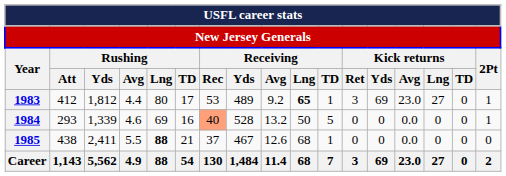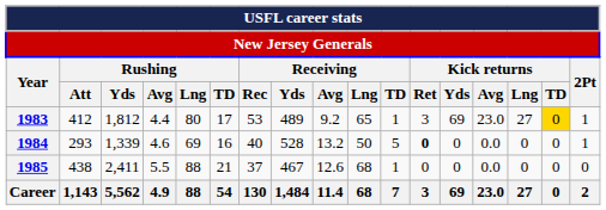 <table class=wikitable style="text-align:center">
 <tr>
 <th colspan="17" style="background: #182550; border: 2px solid silver; color:white;">USFL career stats</th>
 </tr>
 <tr>
 <th colspan="17" style="background:#c00; border:2px solid blue; color:white;">New Jersey Generals</th>
 </tr>
 <tr>
 <th rowspan="2">Year</th>
 <th colspan="5">Rushing</th>
 <th colspan="5">Receiving</th>
 <th colspan="5">Kick returns</th>
 <th rowspan="2">2Pt</th>
 </tr>
 <tr>
 <th>Att</th>
 <th>Yds</th>
 <th>Avg</th>
 <th>Lng</th>
 <th>TD</th>
 <th>Rec</th>
 <th>Yds</th>
 <th>Avg</th>
 <th>Lng</th>
 <th>TD</th>
 <th>Ret</th>
 <th>Yds</th>
 <th>Avg</th>
 <th>Lng</th>
 <th>TD</th>
 </tr>
 <tr>
 <th><a href='#'>1983</a></th>
 <td>412</td>
 <td>1,812</td>
 <td>4.4</td>
 <td>80</td>
 <td>17</td>
 <td>53</td>
 <td>489</td>
 <td>9.2</td>
-<td><strong>65</strong></td>
+<td>65</td>
 <td>1</td>
 <td>3</td>
 <td>69</td>
 <td>23.0</td>
 <td>27</td>
-<td>0</td>
+<td style="background: gold;">0</td>
 <td>1</td>
 </tr>
 <tr>
 <th><a href='#'>1984</a></th>
 <td>293</td>
 <td>1,339</td>
 <td>4.6</td>
 <td>69</td>
 <td>16</td>
-<td style="background: lightsalmon;">40</td>
+<td>40</td>
 <td>528</td>
 <td>13.2</td>
 <td>50</td>
 <td>5</td>
-<td>0</td>
+<td><strong>0</strong></td>
 <td>0</td>
 <td>0.0</td>
 <td>0</td>
 <td>0</td>
 <td>1</td>
 </tr>
 <tr>
 <th><a href='#'>1985</a></th>
 <td>438</td>
 <td>2,411</td>
 <td>5.5</td>
-<td><strong>88</strong></td>
+<td>88</td>
 <td>21</td>
 <td>37</td>
 <td>467</td>
 <td>12.6</td>
 <td>68</td>
 <td>1</td>
 <td>0</td>
 <td>0</td>
 <td>0.0</td>
 <td>0</td>
 <td>0</td>
 <td>0</td>
 </tr>
 <tr>
 <th>Career</th>
 <th>1,143</th>
 <th>5,562</th>
 <th>4.9</th>
 <th>88</th>
 <th>54</th>
 <th>130</th>
 <th>1,484</th>
 <th>11.4</th>
 <th>68</th>
 <th>7</th>
 <th>3</th>
 <th>69</th>
 <th>23.0</th>
 <th>27</th>
 <th>0</th>
 <th>2</th>
 </tr>
 </table>
